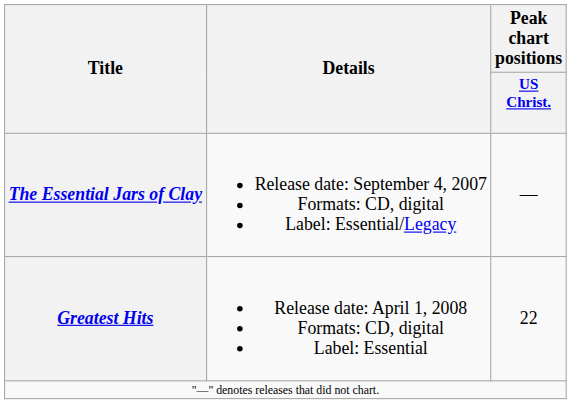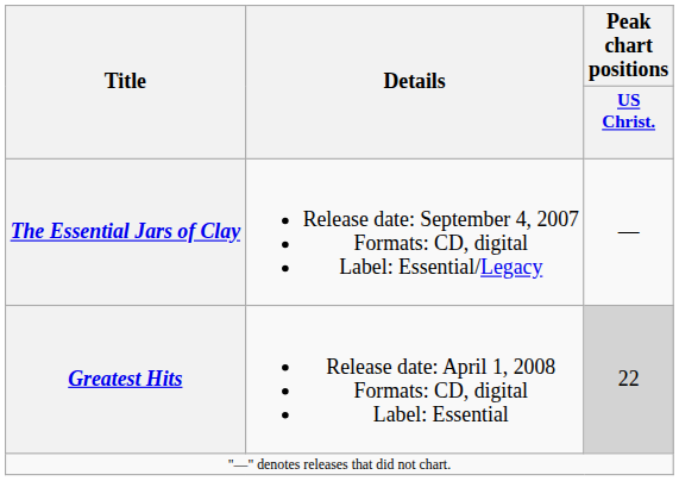 <table class="wikitable plainrowheaders" style="text-align:center;">
 <tr>
 <th scope="col" rowspan="2">Title</th>
 <th scope="col" rowspan="2">Details</th>
 <th scope="col" colspan="1">Peak chart positions</th>
 </tr>
 <tr>
 <th scope="col" style="width:2.3em;font-size:85%;"><a href='#'>US<br>Christ.</a><br><br></th>
 </tr>
 <tr>
 <th scope="row"><em><a href='#'>The Essential Jars of Clay</a></em></th>
 <td><br><ul><li>Release date: September 4, 2007</li><li>Formats: CD, digital</li><li>Label: Essential/<a href='#'>Legacy</a></li></ul></td>
 <td>—</td>
 </tr>
 <tr>
 <th scope="row"><em><a href='#'>Greatest Hits</a></em></th>
 <td><br><ul><li>Release date: April 1, 2008</li><li>Formats: CD, digital</li><li>Label: Essential</li></ul></td>
-<td>22</td>
+<td style="background: lightgrey;">22</td>
 </tr>
 <tr>
 <td align="center" colspan="30" style="font-size: 8pt">"—" denotes releases that did not chart.</td>
 </tr>
 </table>
